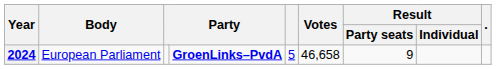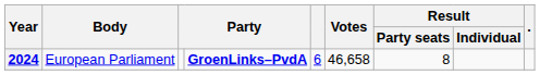 <table class="wikitable plainrowheaders sortable" border=2 cellpadding=4 cellspacing=0 style="border: 1px #aaa solid; font-size: 90%; text-align:center;">
 <tr>
 <th scope="col" rowspan=2>Year</th>
 <th scope="col" rowspan=2>Body</th>
 <th scope="col" colspan=2 rowspan=2>Party</th>
 <th scope="col" rowspan=2></th>
 <th scope="col" rowspan=2>Votes</th>
 <th scope="colgroup" colspan=2>Result</th>
 <th scope="col" rowspan=2>.</th>
 </tr>
 <tr>
 <th scope="col">Party seats</th>
 <th scope="col">Individual</th>
 </tr>
 <tr>
 <th scope="row"><a href='#'>2024</a></th>
 <td><a href='#'>European Parliament</a></td>
 <td style="background-color:"></td>
 <td><strong><a href='#'>GroenLinks–PvdA</a></strong></td>
-<td style=text-align:right><a href='#'>5</a></td>
+<td style=text-align:right><a href='#'>6</a></td>
 <td style=text-align:right>46,658</td>
-<td style=text-align:right>9</td>
+<td style=text-align:right>8</td>
 <td></td>
 <td></td>
 </tr>
 </table>
